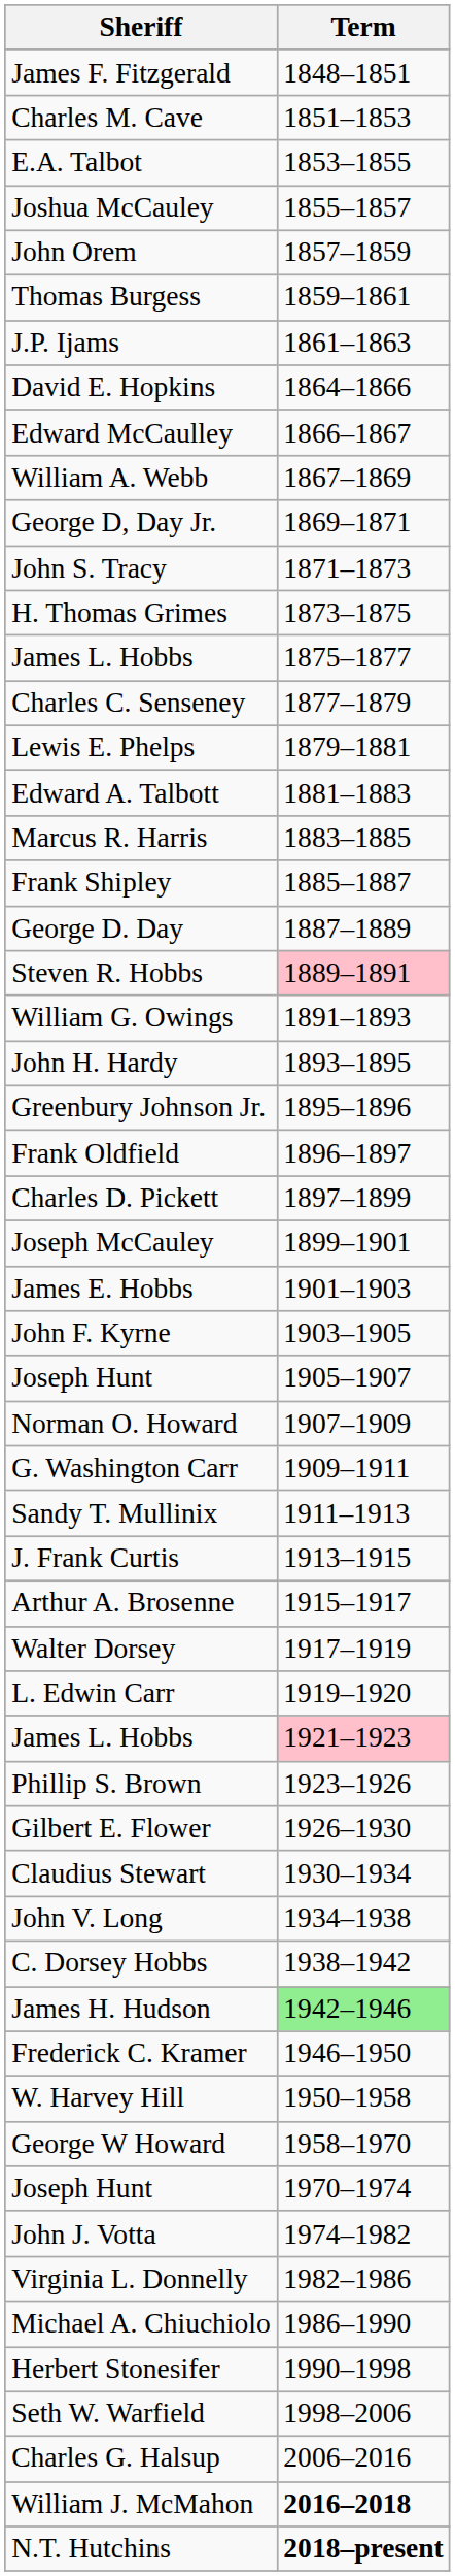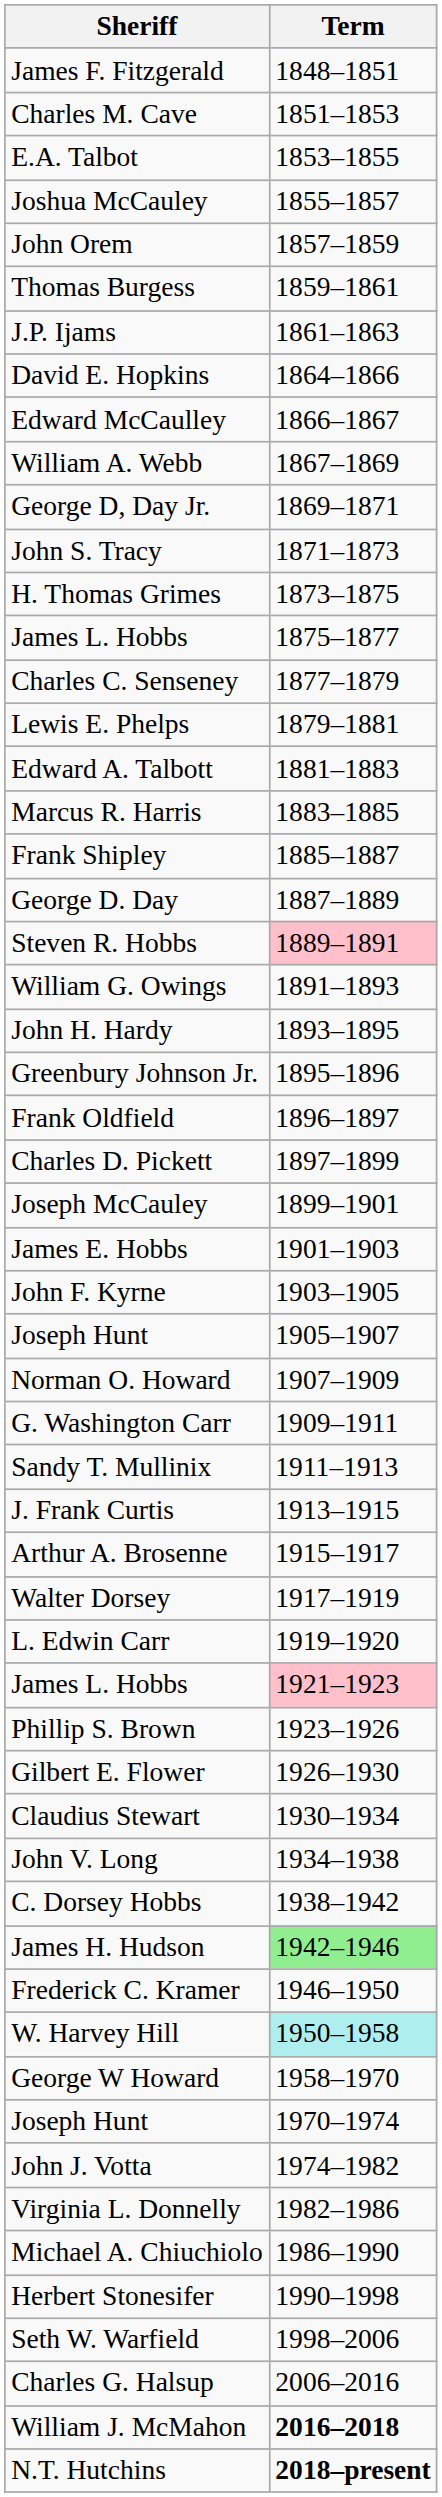 <table class="wikitable">
 <tr>
 <th>Sheriff</th>
 <th>Term</th>
 </tr>
 <tr>
 <td>James F. Fitzgerald</td>
 <td>1848–1851</td>
 </tr>
 <tr>
 <td>Charles M. Cave</td>
 <td>1851–1853</td>
 </tr>
 <tr>
 <td>E.A. Talbot</td>
 <td>1853–1855</td>
 </tr>
 <tr>
 <td>Joshua McCauley</td>
 <td>1855–1857</td>
 </tr>
 <tr>
 <td>John Orem</td>
 <td>1857–1859</td>
 </tr>
 <tr>
 <td>Thomas Burgess</td>
 <td>1859–1861</td>
 </tr>
 <tr>
 <td>J.P. Ijams</td>
 <td>1861–1863</td>
 </tr>
 <tr>
 <td>David E. Hopkins</td>
 <td>1864–1866</td>
 </tr>
 <tr>
 <td>Edward McCaulley</td>
 <td>1866–1867</td>
 </tr>
 <tr>
 <td>William A. Webb</td>
 <td>1867–1869</td>
 </tr>
 <tr>
 <td>George D, Day Jr.</td>
 <td>1869–1871</td>
 </tr>
 <tr>
 <td>John S. Tracy</td>
 <td>1871–1873</td>
 </tr>
 <tr>
 <td>H. Thomas Grimes</td>
 <td>1873–1875</td>
 </tr>
 <tr>
 <td>James L. Hobbs</td>
 <td>1875–1877</td>
 </tr>
 <tr>
 <td>Charles C. Senseney</td>
 <td>1877–1879</td>
 </tr>
 <tr>
 <td>Lewis E. Phelps</td>
 <td>1879–1881</td>
 </tr>
 <tr>
 <td>Edward A. Talbott</td>
 <td>1881–1883</td>
 </tr>
 <tr>
 <td>Marcus R. Harris</td>
 <td>1883–1885</td>
 </tr>
 <tr>
 <td>Frank Shipley</td>
 <td>1885–1887</td>
 </tr>
 <tr>
 <td>George D. Day</td>
 <td>1887–1889</td>
 </tr>
 <tr>
 <td>Steven R. Hobbs</td>
 <td style="background: pink;">1889–1891</td>
 </tr>
 <tr>
 <td>William G. Owings</td>
 <td>1891–1893</td>
 </tr>
 <tr>
 <td>John H. Hardy</td>
 <td>1893–1895</td>
 </tr>
 <tr>
 <td>Greenbury Johnson Jr.</td>
 <td>1895–1896</td>
 </tr>
 <tr>
 <td>Frank Oldfield</td>
 <td>1896–1897</td>
 </tr>
 <tr>
 <td>Charles D. Pickett</td>
 <td>1897–1899</td>
 </tr>
 <tr>
 <td>Joseph McCauley</td>
 <td>1899–1901</td>
 </tr>
 <tr>
 <td>James E. Hobbs</td>
 <td>1901–1903</td>
 </tr>
 <tr>
 <td>John F. Kyrne</td>
 <td>1903–1905</td>
 </tr>
 <tr>
 <td>Joseph Hunt</td>
 <td>1905–1907</td>
 </tr>
 <tr>
 <td>Norman O. Howard</td>
 <td>1907–1909</td>
 </tr>
 <tr>
 <td>G. Washington Carr</td>
 <td>1909–1911</td>
 </tr>
 <tr>
 <td>Sandy T. Mullinix</td>
 <td>1911–1913</td>
 </tr>
 <tr>
 <td>J. Frank Curtis</td>
 <td>1913–1915</td>
 </tr>
 <tr>
 <td>Arthur A. Brosenne</td>
 <td>1915–1917</td>
 </tr>
 <tr>
 <td>Walter Dorsey</td>
 <td>1917–1919</td>
 </tr>
 <tr>
 <td>L. Edwin Carr</td>
 <td>1919–1920</td>
 </tr>
 <tr>
 <td>James L. Hobbs</td>
 <td style="background: pink;">1921–1923</td>
 </tr>
 <tr>
 <td>Phillip S. Brown</td>
 <td>1923–1926</td>
 </tr>
 <tr>
 <td>Gilbert E. Flower</td>
 <td>1926–1930</td>
 </tr>
 <tr>
 <td>Claudius Stewart</td>
 <td>1930–1934</td>
 </tr>
 <tr>
 <td>John V. Long</td>
 <td>1934–1938</td>
 </tr>
 <tr>
 <td>C. Dorsey Hobbs</td>
 <td>1938–1942</td>
 </tr>
 <tr>
 <td>James H. Hudson</td>
 <td style="background: lightgreen;">1942–1946</td>
 </tr>
 <tr>
 <td>Frederick C. Kramer</td>
 <td>1946–1950</td>
 </tr>
 <tr>
 <td>W. Harvey Hill</td>
-<td>1950–1958</td>
+<td style="background: paleturquoise;">1950–1958</td>
 </tr>
 <tr>
 <td>George W Howard</td>
 <td>1958–1970</td>
 </tr>
 <tr>
 <td>Joseph Hunt</td>
 <td>1970–1974</td>
 </tr>
 <tr>
 <td>John J. Votta</td>
 <td>1974–1982</td>
 </tr>
 <tr>
 <td>Virginia L. Donnelly</td>
 <td>1982–1986</td>
 </tr>
 <tr>
 <td>Michael A. Chiuchiolo</td>
 <td>1986–1990</td>
 </tr>
 <tr>
 <td>Herbert Stonesifer</td>
 <td>1990–1998</td>
 </tr>
 <tr>
 <td>Seth W. Warfield</td>
 <td>1998–2006</td>
 </tr>
 <tr>
 <td>Charles G. Halsup</td>
 <td>2006–2016</td>
 </tr>
 <tr>
 <td>William J. McMahon</td>
 <td><strong>2016–2018</strong></td>
 </tr>
 <tr>
 <td>N.T. Hutchins</td>
 <td><strong>2018–present</strong></td>
 </tr>
 </table>
